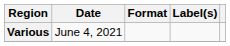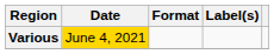 <table class="wikitable plainrowheaders">
 <tr>
 <th scope="col">Region</th>
 <th scope="col">Date</th>
 <th scope="col">Format</th>
 <th scope="col">Label(s)</th>
 <th scope="col"></th>
 </tr>
 <tr>
 <th scope="row">Various</th>
-<td>June 4, 2021</td>
+<td style="background: gold;">June 4, 2021</td>
 <td></td>
 <td></td>
 <td></td>
 </tr>
 <tr>
 </tr>
 </table>
